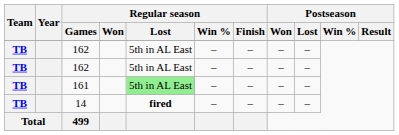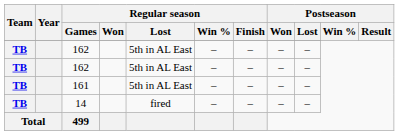 <table class="wikitable" style="font-size: 95%; text-align:center;">
 <tr>
 <th rowspan="2">Team</th>
 <th rowspan="2">Year</th>
 <th colspan="5">Regular season</th>
 <th colspan="4">Postseason</th>
 </tr>
 <tr>
 <th>Games</th>
 <th>Won</th>
 <th>Lost</th>
 <th>Win %</th>
 <th>Finish</th>
 <th>Won</th>
 <th>Lost</th>
 <th>Win %</th>
 <th>Result</th>
 </tr>
 <tr>
 </tr>
 <tr>
 <th><a href='#'>TB</a></th>
 <th></th>
 <td>162</td>
 <td></td>
 <td>5th in AL East</td>
 <td>–</td>
 <td>–</td>
 <td>–</td>
 <td>–</td>
 </tr>
 <tr>
 <th><a href='#'>TB</a></th>
 <th></th>
 <td>162</td>
 <td></td>
 <td>5th in AL East</td>
 <td>–</td>
 <td>–</td>
 <td>–</td>
 <td>–</td>
 </tr>
 <tr>
 <th><a href='#'>TB</a></th>
 <th></th>
 <td>161</td>
 <td></td>
-<td style="background: lightgreen;">5th in AL East</td>
+<td>5th in AL East</td>
 <td>–</td>
 <td>–</td>
 <td>–</td>
 <td>–</td>
 </tr>
 <tr>
 <th><a href='#'>TB</a></th>
 <th></th>
 <td>14</td>
 <td></td>
-<td><strong>fired</strong></td>
+<td>fired</td>
 <td>–</td>
 <td>–</td>
 <td>–</td>
 <td>–</td>
 </tr>
 <tr>
 <th colspan="2">Total</th>
 <th>499</th>
 <th></th>
 <th></th>
 <th></th>
 <th></th>
 </tr>
 </table>
